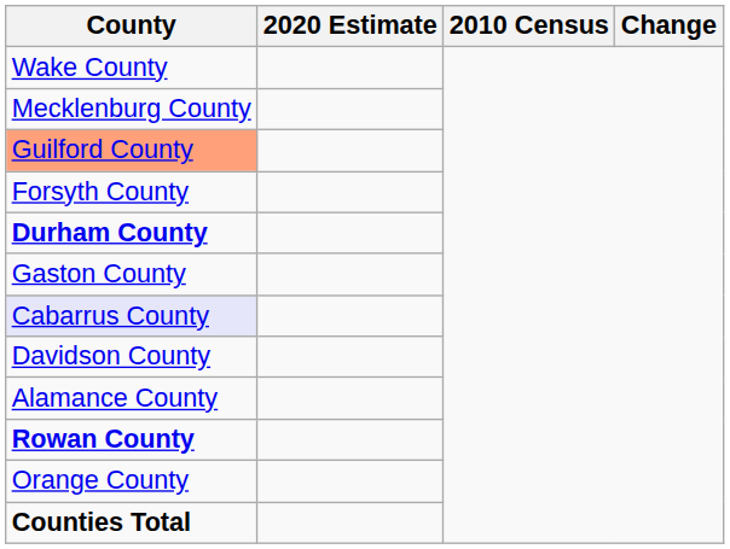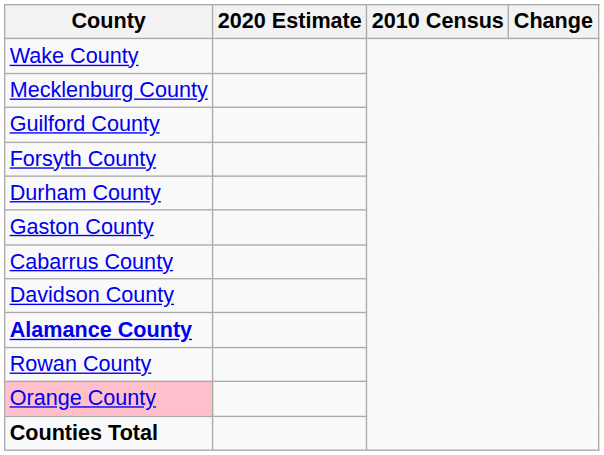 <table class="wikitable sortable">
 <tr>
 <th>County</th>
 <th>2020 Estimate</th>
 <th>2010 Census</th>
 <th>Change</th>
 </tr>
 <tr>
 <td><a href='#'>Wake County</a></td>
 <td></td>
 </tr>
 <tr>
 <td><a href='#'>Mecklenburg County</a></td>
 <td></td>
 </tr>
 <tr>
-<td style="background: lightsalmon;"><a href='#'>Guilford County</a></td>
+<td><a href='#'>Guilford County</a></td>
 <td></td>
 </tr>
 <tr>
 <td><a href='#'>Forsyth County</a></td>
 <td></td>
 </tr>
 <tr>
-<td><strong><a href='#'>Durham County</a></strong></td>
+<td><a href='#'>Durham County</a></td>
 <td></td>
 </tr>
 <tr>
 <td><a href='#'>Gaston County</a></td>
 <td></td>
 </tr>
 <tr>
-<td style="background: lavender;"><a href='#'>Cabarrus County</a></td>
+<td><a href='#'>Cabarrus County</a></td>
 <td></td>
 </tr>
 <tr>
 <td><a href='#'>Davidson County</a></td>
 <td></td>
 </tr>
 <tr>
-<td><a href='#'>Alamance County</a></td>
+<td><strong><a href='#'>Alamance County</a></strong></td>
 <td></td>
 </tr>
 <tr>
-<td><strong><a href='#'>Rowan County</a></strong></td>
+<td><a href='#'>Rowan County</a></td>
 <td></td>
 </tr>
 <tr>
-<td><a href='#'>Orange County</a></td>
+<td style="background: pink;"><a href='#'>Orange County</a></td>
 <td></td>
 </tr>
 <tr class=sortbottom>
 <td align=left><strong> Counties Total</strong></td>
 <td></td>
 </tr>
 </table>
